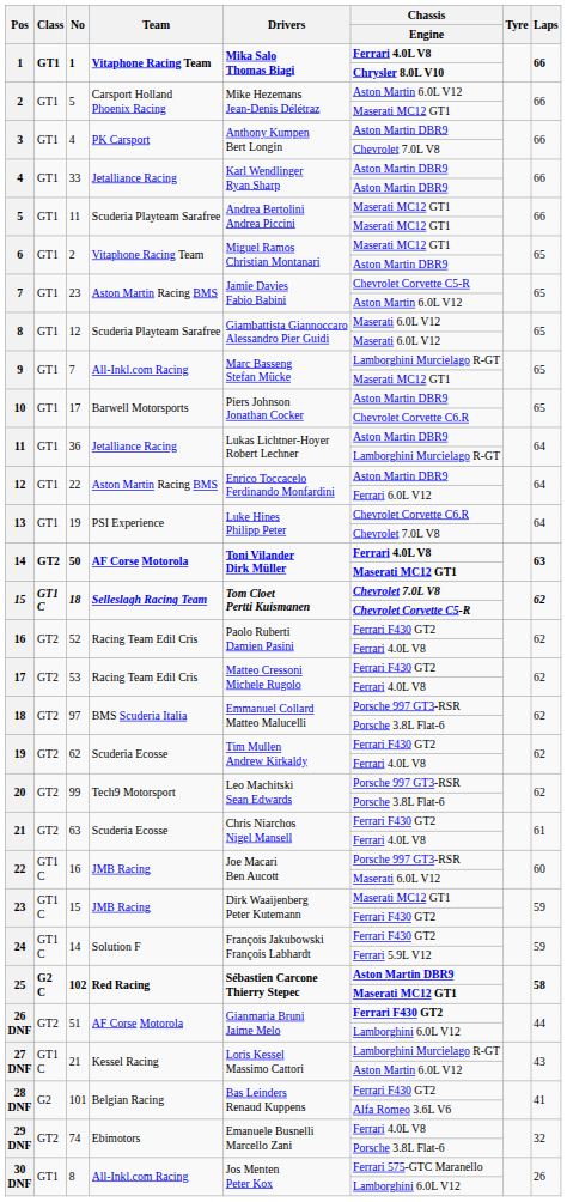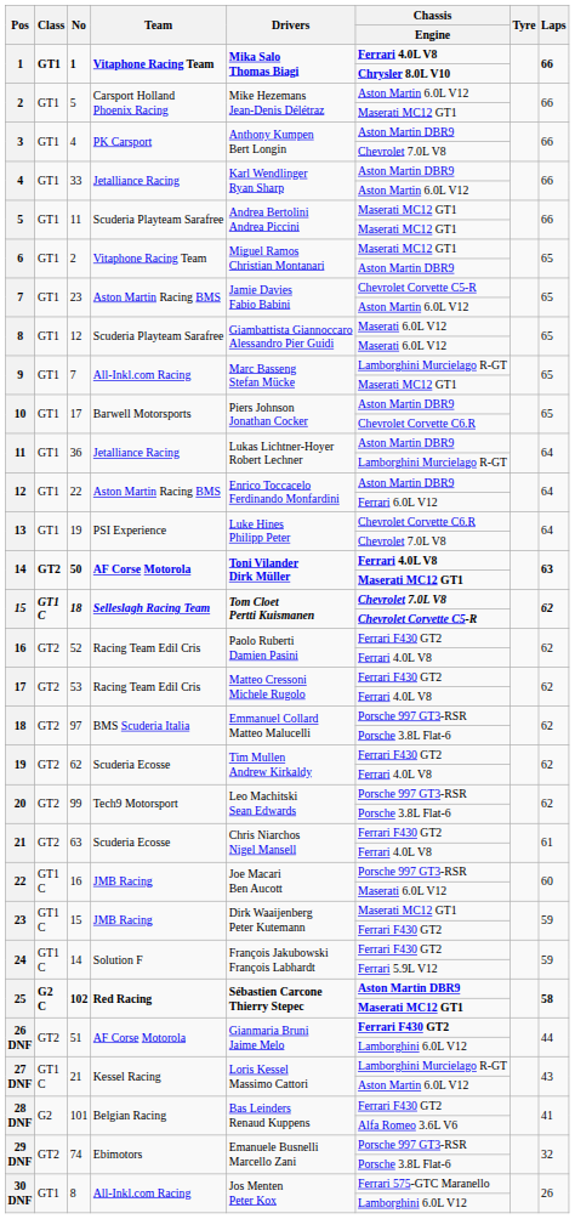 <table class="wikitable" style="font-size: 95%;">
 <tr>
 <th rowspan=2>Pos</th>
 <th rowspan=2>Class</th>
 <th rowspan=2>No</th>
 <th rowspan=2>Team</th>
 <th rowspan=2>Drivers</th>
 <th>Chassis</th>
 <th rowspan=2>Tyre</th>
 <th rowspan=2>Laps</th>
 </tr>
 <tr>
 <th>Engine</th>
 </tr>
 <tr style="font-weight:bold">
 <th rowspan=2>1</th>
 <td rowspan=2>GT1</td>
 <td rowspan=2>1</td>
 <td rowspan=2> <a href='#'>Vitaphone Racing</a> Team</td>
 <td rowspan=2> <a href='#'>Mika Salo</a><br> <a href='#'>Thomas Biagi</a></td>
 <td><a href='#'>Ferrari</a> 4.0L V8</td>
 <td rowspan=2></td>
 <td rowspan=2>66</td>
 </tr>
 <tr style="font-weight:bold">
 <td><a href='#'>Chrysler</a> 8.0L V10</td>
 </tr>
 <tr>
 <th rowspan=2>2</th>
 <td rowspan=2>GT1</td>
 <td rowspan=2>5</td>
 <td rowspan=2> Carsport Holland<br> <a href='#'>Phoenix Racing</a></td>
 <td rowspan=2> Mike Hezemans<br> <a href='#'>Jean-Denis Délétraz</a></td>
 <td><a href='#'>Aston Martin</a> 6.0L V12</td>
 <td rowspan=2></td>
 <td rowspan=2>66</td>
 </tr>
 <tr>
 <td><a href='#'>Maserati MC12</a> GT1</td>
 </tr>
 <tr>
 <th rowspan=2>3</th>
 <td rowspan=2>GT1</td>
 <td rowspan=2>4</td>
 <td rowspan=2> <a href='#'>PK Carsport</a></td>
 <td rowspan=2> <a href='#'>Anthony Kumpen</a><br> Bert Longin</td>
 <td><a href='#'>Aston Martin DBR9</a></td>
 <td rowspan=2></td>
 <td rowspan=2>66</td>
 </tr>
 <tr>
 <td><a href='#'>Chevrolet</a> 7.0L V8</td>
 </tr>
 <tr>
 <th rowspan=2>4</th>
 <td rowspan=2>GT1</td>
 <td rowspan=2>33</td>
 <td rowspan=2> <a href='#'>Jetalliance Racing</a></td>
 <td rowspan=2> <a href='#'>Karl Wendlinger</a><br> <a href='#'>Ryan Sharp</a></td>
 <td><a href='#'>Aston Martin DBR9</a></td>
 <td rowspan=2></td>
 <td rowspan=2>66</td>
 </tr>
 <tr>
-<td><a href='#'>Aston Martin DBR9</a></td>
+<td><a href='#'>Aston Martin</a> 6.0L V12</td>
 </tr>
 <tr>
 <th rowspan=2>5</th>
 <td rowspan=2>GT1</td>
 <td rowspan=2>11</td>
 <td rowspan=2> Scuderia Playteam Sarafree</td>
 <td rowspan=2> <a href='#'>Andrea Bertolini</a><br> <a href='#'>Andrea Piccini</a></td>
 <td><a href='#'>Maserati MC12</a> GT1</td>
 <td rowspan=2></td>
 <td rowspan=2>66</td>
 </tr>
 <tr>
 <td><a href='#'>Maserati MC12</a> GT1</td>
 </tr>
 <tr>
 <th rowspan=2>6</th>
 <td rowspan=2>GT1</td>
 <td rowspan=2>2</td>
 <td rowspan=2> <a href='#'>Vitaphone Racing</a> Team</td>
 <td rowspan=2> <a href='#'>Miguel Ramos</a><br> <a href='#'>Christian Montanari</a></td>
 <td><a href='#'>Maserati MC12</a> GT1</td>
 <td rowspan=2></td>
 <td rowspan=2>65</td>
 </tr>
 <tr>
 <td><a href='#'>Aston Martin DBR9</a></td>
 </tr>
 <tr>
 <th rowspan=2>7</th>
 <td rowspan=2>GT1</td>
 <td rowspan=2>23</td>
 <td rowspan=2> <a href='#'>Aston Martin</a> Racing <a href='#'>BMS</a></td>
 <td rowspan=2> <a href='#'>Jamie Davies</a><br> <a href='#'>Fabio Babini</a></td>
 <td><a href='#'>Chevrolet Corvette C5-R</a></td>
 <td rowspan=2></td>
 <td rowspan=2>65</td>
 </tr>
 <tr>
 <td><a href='#'>Aston Martin</a> 6.0L V12</td>
 </tr>
 <tr>
 <th rowspan=2>8</th>
 <td rowspan=2>GT1</td>
 <td rowspan=2>12</td>
 <td rowspan=2> Scuderia Playteam Sarafree</td>
 <td rowspan=2> <a href='#'>Giambattista Giannoccaro</a><br> <a href='#'>Alessandro Pier Guidi</a></td>
 <td><a href='#'>Maserati</a> 6.0L V12</td>
 <td rowspan=2></td>
 <td rowspan=2>65</td>
 </tr>
 <tr>
 <td><a href='#'>Maserati</a> 6.0L V12</td>
 </tr>
 <tr>
 <th rowspan=2>9</th>
 <td rowspan=2>GT1</td>
 <td rowspan=2>7</td>
 <td rowspan=2> <a href='#'>All-Inkl.com Racing</a></td>
 <td rowspan=2> <a href='#'>Marc Basseng</a><br> <a href='#'>Stefan Mücke</a></td>
 <td><a href='#'>Lamborghini Murcielago</a> R-GT</td>
 <td rowspan=2></td>
 <td rowspan=2>65</td>
 </tr>
 <tr>
 <td><a href='#'>Maserati MC12</a> GT1</td>
 </tr>
 <tr>
 <th rowspan=2>10</th>
 <td rowspan=2>GT1</td>
 <td rowspan=2>17</td>
 <td rowspan=2> Barwell Motorsports</td>
 <td rowspan=2> Piers Johnson<br> <a href='#'>Jonathan Cocker</a></td>
 <td><a href='#'>Aston Martin DBR9</a></td>
 <td rowspan=2></td>
 <td rowspan=2>65</td>
 </tr>
 <tr>
 <td><a href='#'>Chevrolet Corvette C6.R</a></td>
 </tr>
 <tr>
 <th rowspan=2>11</th>
 <td rowspan=2>GT1</td>
 <td rowspan=2>36</td>
 <td rowspan=2> <a href='#'>Jetalliance Racing</a></td>
 <td rowspan=2> Lukas Lichtner-Hoyer<br> Robert Lechner</td>
 <td><a href='#'>Aston Martin DBR9</a></td>
 <td rowspan=2></td>
 <td rowspan=2>64</td>
 </tr>
 <tr>
 <td><a href='#'>Lamborghini Murcielago</a> R-GT</td>
 </tr>
 <tr>
 <th rowspan=2>12</th>
 <td rowspan=2>GT1</td>
 <td rowspan=2>22</td>
 <td rowspan=2> <a href='#'>Aston Martin</a> Racing <a href='#'>BMS</a></td>
 <td rowspan=2> <a href='#'>Enrico Toccacelo</a><br> <a href='#'>Ferdinando Monfardini</a></td>
 <td><a href='#'>Aston Martin DBR9</a></td>
 <td rowspan=2></td>
 <td rowspan=2>64</td>
 </tr>
 <tr>
 <td><a href='#'>Ferrari</a> 6.0L V12</td>
 </tr>
 <tr>
 <th rowspan=2>13</th>
 <td rowspan=2>GT1</td>
 <td rowspan=2>19</td>
 <td rowspan=2> PSI Experience</td>
 <td rowspan=2> <a href='#'>Luke Hines</a><br> <a href='#'>Philipp Peter</a></td>
 <td><a href='#'>Chevrolet Corvette C6.R</a></td>
 <td rowspan=2></td>
 <td rowspan=2>64</td>
 </tr>
 <tr>
 <td><a href='#'>Chevrolet</a> 7.0L V8</td>
 </tr>
 <tr style="font-weight:bold">
 <th rowspan=2>14</th>
 <td rowspan=2>GT2</td>
 <td rowspan=2>50</td>
 <td rowspan=2> <a href='#'>AF Corse</a> <a href='#'>Motorola</a></td>
 <td rowspan=2> <a href='#'>Toni Vilander</a><br> <a href='#'>Dirk Müller</a></td>
 <td><a href='#'>Ferrari</a> 4.0L V8</td>
 <td rowspan=2></td>
 <td rowspan=2>63</td>
 </tr>
 <tr style="font-weight:bold">
 <td><a href='#'>Maserati MC12</a> GT1</td>
 </tr>
 <tr>
 <th rowspan=2><strong><em>15</em></strong></th>
 <td rowspan=2><strong><em>GT1<br>C</em></strong></td>
 <td rowspan=2><strong><em>18</em></strong></td>
 <td rowspan=2><strong><em> <a href='#'>Selleslagh Racing Team</a></em></strong></td>
 <td rowspan=2><strong><em> Tom Cloet<br> Pertti Kuismanen</em></strong></td>
 <td><strong><em><a href='#'>Chevrolet</a> 7.0L V8</em></strong></td>
 <td rowspan=2></td>
 <td rowspan=2><strong><em>62</em></strong></td>
 </tr>
 <tr>
 <td><strong><em><a href='#'>Chevrolet Corvette C5</a>-R</em></strong></td>
 </tr>
 <tr>
 <th rowspan=2>16</th>
 <td rowspan=2>GT2</td>
 <td rowspan=2>52</td>
 <td rowspan=2> Racing Team Edil Cris</td>
 <td rowspan=2> Paolo Ruberti<br> <a href='#'>Damien Pasini</a></td>
 <td><a href='#'>Ferrari F430</a> GT2</td>
 <td rowspan=2></td>
 <td rowspan=2>62</td>
 </tr>
 <tr>
 <td><a href='#'>Ferrari</a> 4.0L V8</td>
 </tr>
 <tr>
 <th rowspan=2>17</th>
 <td rowspan=2>GT2</td>
 <td rowspan=2>53</td>
 <td rowspan=2> Racing Team Edil Cris</td>
 <td rowspan=2> <a href='#'>Matteo Cressoni</a><br> <a href='#'>Michele Rugolo</a></td>
 <td><a href='#'>Ferrari F430</a> GT2</td>
 <td rowspan=2></td>
 <td rowspan=2>62</td>
 </tr>
 <tr>
 <td><a href='#'>Ferrari</a> 4.0L V8</td>
 </tr>
 <tr>
 <th rowspan=2>18</th>
 <td rowspan=2>GT2</td>
 <td rowspan=2>97</td>
 <td rowspan=2> BMS <a href='#'>Scuderia Italia</a></td>
 <td rowspan=2> <a href='#'>Emmanuel Collard</a><br> Matteo Malucelli</td>
 <td><a href='#'>Porsche 997 GT3</a>-RSR</td>
 <td rowspan=2></td>
 <td rowspan=2>62</td>
 </tr>
 <tr>
 <td><a href='#'>Porsche</a> 3.8L Flat-6</td>
 </tr>
 <tr>
 <th rowspan=2>19</th>
 <td rowspan=2>GT2</td>
 <td rowspan=2>62</td>
 <td rowspan=2> Scuderia Ecosse</td>
 <td rowspan=2> <a href='#'>Tim Mullen</a><br> <a href='#'>Andrew Kirkaldy</a></td>
 <td><a href='#'>Ferrari F430</a> GT2</td>
 <td rowspan=2></td>
 <td rowspan=2>62</td>
 </tr>
 <tr>
 <td><a href='#'>Ferrari</a> 4.0L V8</td>
 </tr>
 <tr>
 <th rowspan=2>20</th>
 <td rowspan=2>GT2</td>
 <td rowspan=2>99</td>
 <td rowspan=2> Tech9 Motorsport</td>
 <td rowspan=2> Leo Machitski<br> <a href='#'>Sean Edwards</a></td>
 <td><a href='#'>Porsche 997 GT3</a>-RSR</td>
 <td rowspan=2></td>
 <td rowspan=2>62</td>
 </tr>
 <tr>
 <td><a href='#'>Porsche</a> 3.8L Flat-6</td>
 </tr>
 <tr>
 <th rowspan=2>21</th>
 <td rowspan=2>GT2</td>
 <td rowspan=2>63</td>
 <td rowspan=2> Scuderia Ecosse</td>
 <td rowspan=2> Chris Niarchos<br> <a href='#'>Nigel Mansell</a></td>
 <td><a href='#'>Ferrari F430</a> GT2</td>
 <td rowspan=2></td>
 <td rowspan=2>61</td>
 </tr>
 <tr>
 <td><a href='#'>Ferrari</a> 4.0L V8</td>
 </tr>
 <tr>
 <th rowspan=2>22</th>
 <td rowspan=2>GT1<br>C</td>
 <td rowspan=2>16</td>
 <td rowspan=2> <a href='#'>JMB Racing</a></td>
 <td rowspan=2> Joe Macari<br> Ben Aucott</td>
 <td><a href='#'>Porsche 997 GT3</a>-RSR</td>
 <td rowspan=2></td>
 <td rowspan=2>60</td>
 </tr>
 <tr>
 <td><a href='#'>Maserati</a> 6.0L V12</td>
 </tr>
 <tr>
 <th rowspan=2>23</th>
 <td rowspan=2>GT1<br>C</td>
 <td rowspan=2>15</td>
 <td rowspan=2> <a href='#'>JMB Racing</a></td>
 <td rowspan=2> Dirk Waaijenberg<br> Peter Kutemann</td>
 <td><a href='#'>Maserati MC12</a> GT1</td>
 <td rowspan=2></td>
 <td rowspan=2>59</td>
 </tr>
 <tr>
 <td><a href='#'>Ferrari F430</a> GT2</td>
 </tr>
 <tr>
 <th rowspan=2>24</th>
 <td rowspan=2>GT1<br>C</td>
 <td rowspan=2>14</td>
 <td rowspan=2> Solution F</td>
 <td rowspan=2> François Jakubowski<br> François Labhardt</td>
 <td><a href='#'>Ferrari F430</a> GT2</td>
 <td rowspan=2></td>
 <td rowspan=2>59</td>
 </tr>
 <tr>
 <td><a href='#'>Ferrari</a> 5.9L V12</td>
 </tr>
 <tr style="font-weight:bold">
 <th rowspan=2>25</th>
 <td rowspan=2>G2<br>C</td>
 <td rowspan=2>102</td>
 <td rowspan=2> Red Racing</td>
 <td rowspan=2> Sébastien Carcone<br> Thierry Stepec</td>
 <td><a href='#'>Aston Martin DBR9</a></td>
 <td rowspan=2></td>
 <td rowspan=2>58</td>
 </tr>
 <tr style="font-weight:bold">
 <td><a href='#'>Maserati MC12</a> GT1</td>
 </tr>
 <tr>
 <th rowspan=2>26<br>DNF</th>
 <td rowspan=2>GT2</td>
 <td rowspan=2>51</td>
 <td rowspan=2> <a href='#'>AF Corse</a> <a href='#'>Motorola</a></td>
 <td rowspan=2> <a href='#'>Gianmaria Bruni</a><br> <a href='#'>Jaime Melo</a></td>
 <td><strong><a href='#'>Ferrari F430</a> GT2</strong></td>
 <td rowspan=2></td>
 <td rowspan=2>44</td>
 </tr>
 <tr>
 <td><a href='#'>Lamborghini</a> 6.0L V12</td>
 </tr>
 <tr>
 <th rowspan=2>27<br>DNF</th>
 <td rowspan=2>GT1<br>C</td>
 <td rowspan=2>21</td>
 <td rowspan=2> Kessel Racing</td>
 <td rowspan=2> <a href='#'>Loris Kessel</a><br> Massimo Cattori</td>
 <td><a href='#'>Lamborghini Murcielago</a> R-GT</td>
 <td rowspan=2></td>
 <td rowspan=2>43</td>
 </tr>
 <tr>
 <td><a href='#'>Aston Martin</a> 6.0L V12</td>
 </tr>
 <tr>
 <th rowspan=2>28<br>DNF</th>
 <td rowspan=2>G2</td>
 <td rowspan=2>101</td>
 <td rowspan=2> Belgian Racing</td>
 <td rowspan=2> <a href='#'>Bas Leinders</a><br> Renaud Kuppens</td>
 <td><a href='#'>Ferrari F430</a> GT2</td>
 <td rowspan=2></td>
 <td rowspan=2>41</td>
 </tr>
 <tr>
 <td><a href='#'>Alfa Romeo</a> 3.6L V6</td>
 </tr>
 <tr>
 <th rowspan=2>29<br>DNF</th>
 <td rowspan=2>GT2</td>
 <td rowspan=2>74</td>
 <td rowspan=2> Ebimotors</td>
 <td rowspan=2> Emanuele Busnelli<br> Marcello Zani</td>
-<td><a href='#'>Ferrari</a> 4.0L V8</td>
+<td><a href='#'>Porsche 997 GT3</a>-RSR</td>
 <td rowspan=2></td>
 <td rowspan=2>32</td>
 </tr>
 <tr>
 <td><a href='#'>Porsche</a> 3.8L Flat-6</td>
 </tr>
 <tr>
 <th rowspan=2>30<br>DNF</th>
 <td rowspan=2>GT1</td>
 <td rowspan=2>8</td>
 <td rowspan=2> <a href='#'>All-Inkl.com Racing</a></td>
 <td rowspan=2> Jos Menten<br> <a href='#'>Peter Kox</a></td>
 <td><a href='#'>Ferrari 575</a>-GTC Maranello</td>
 <td rowspan=2></td>
 <td rowspan=2>26</td>
 </tr>
 <tr>
 <td><a href='#'>Lamborghini</a> 6.0L V12</td>
 </tr>
 </table>
